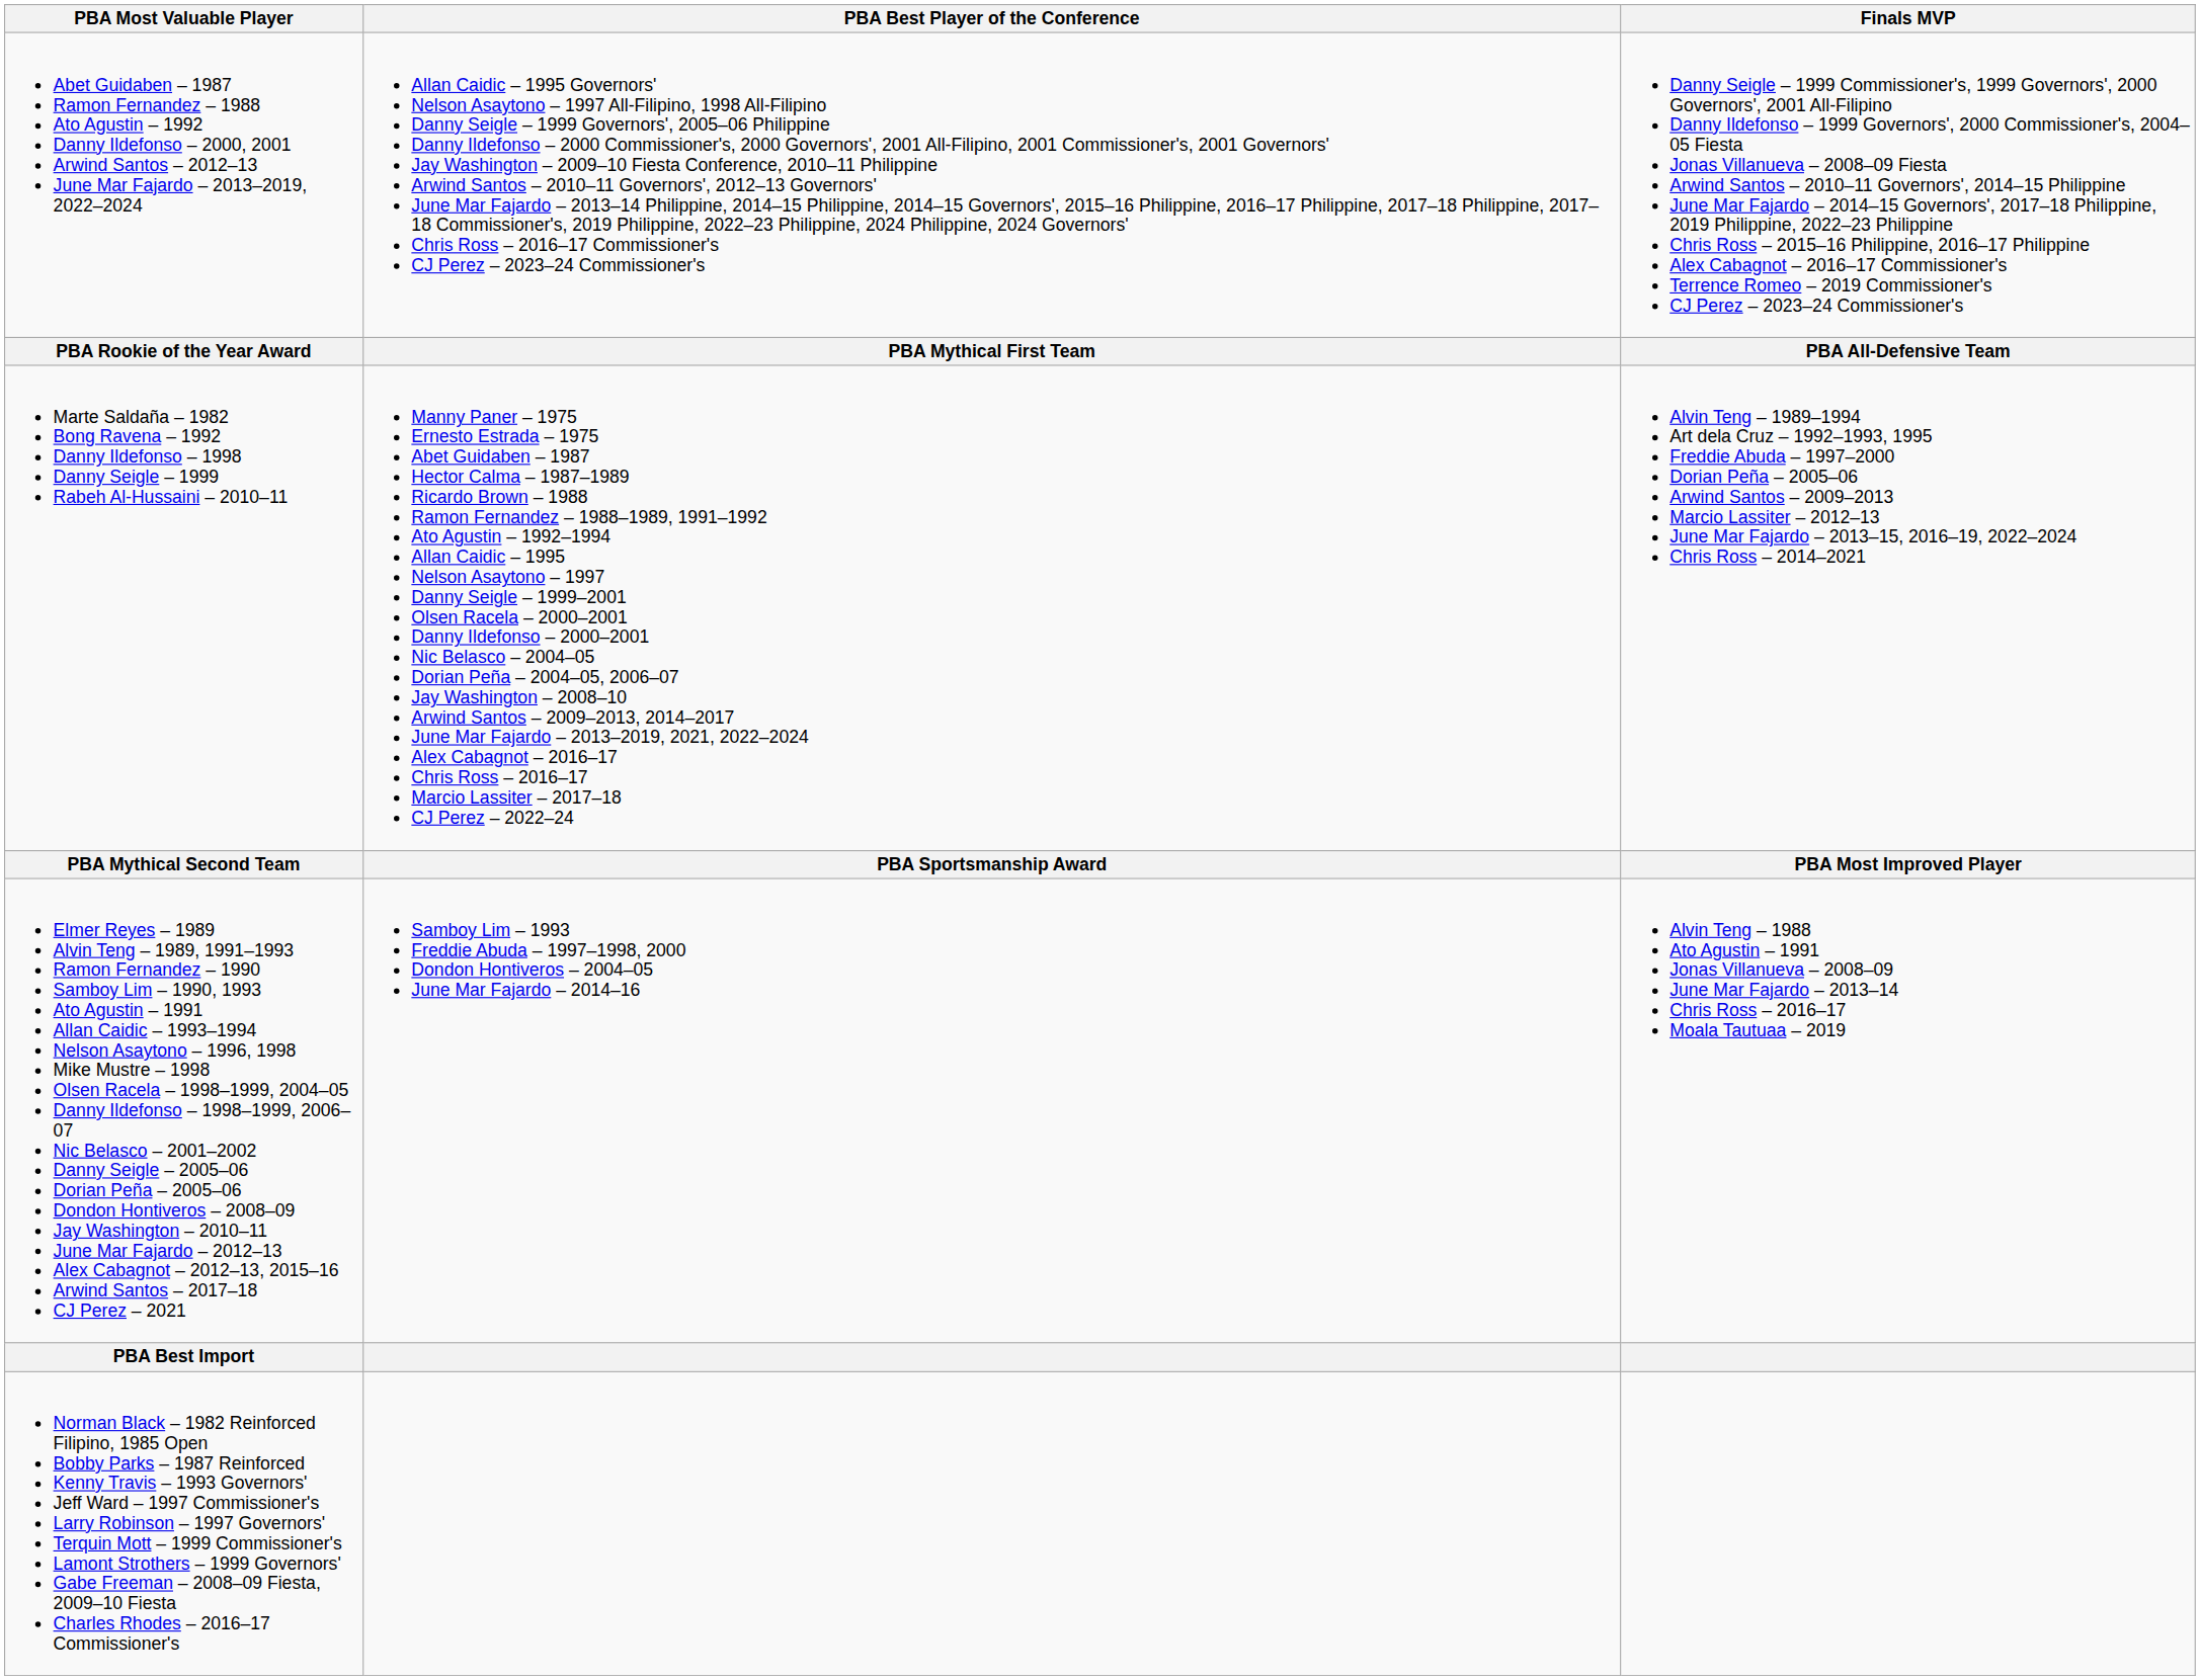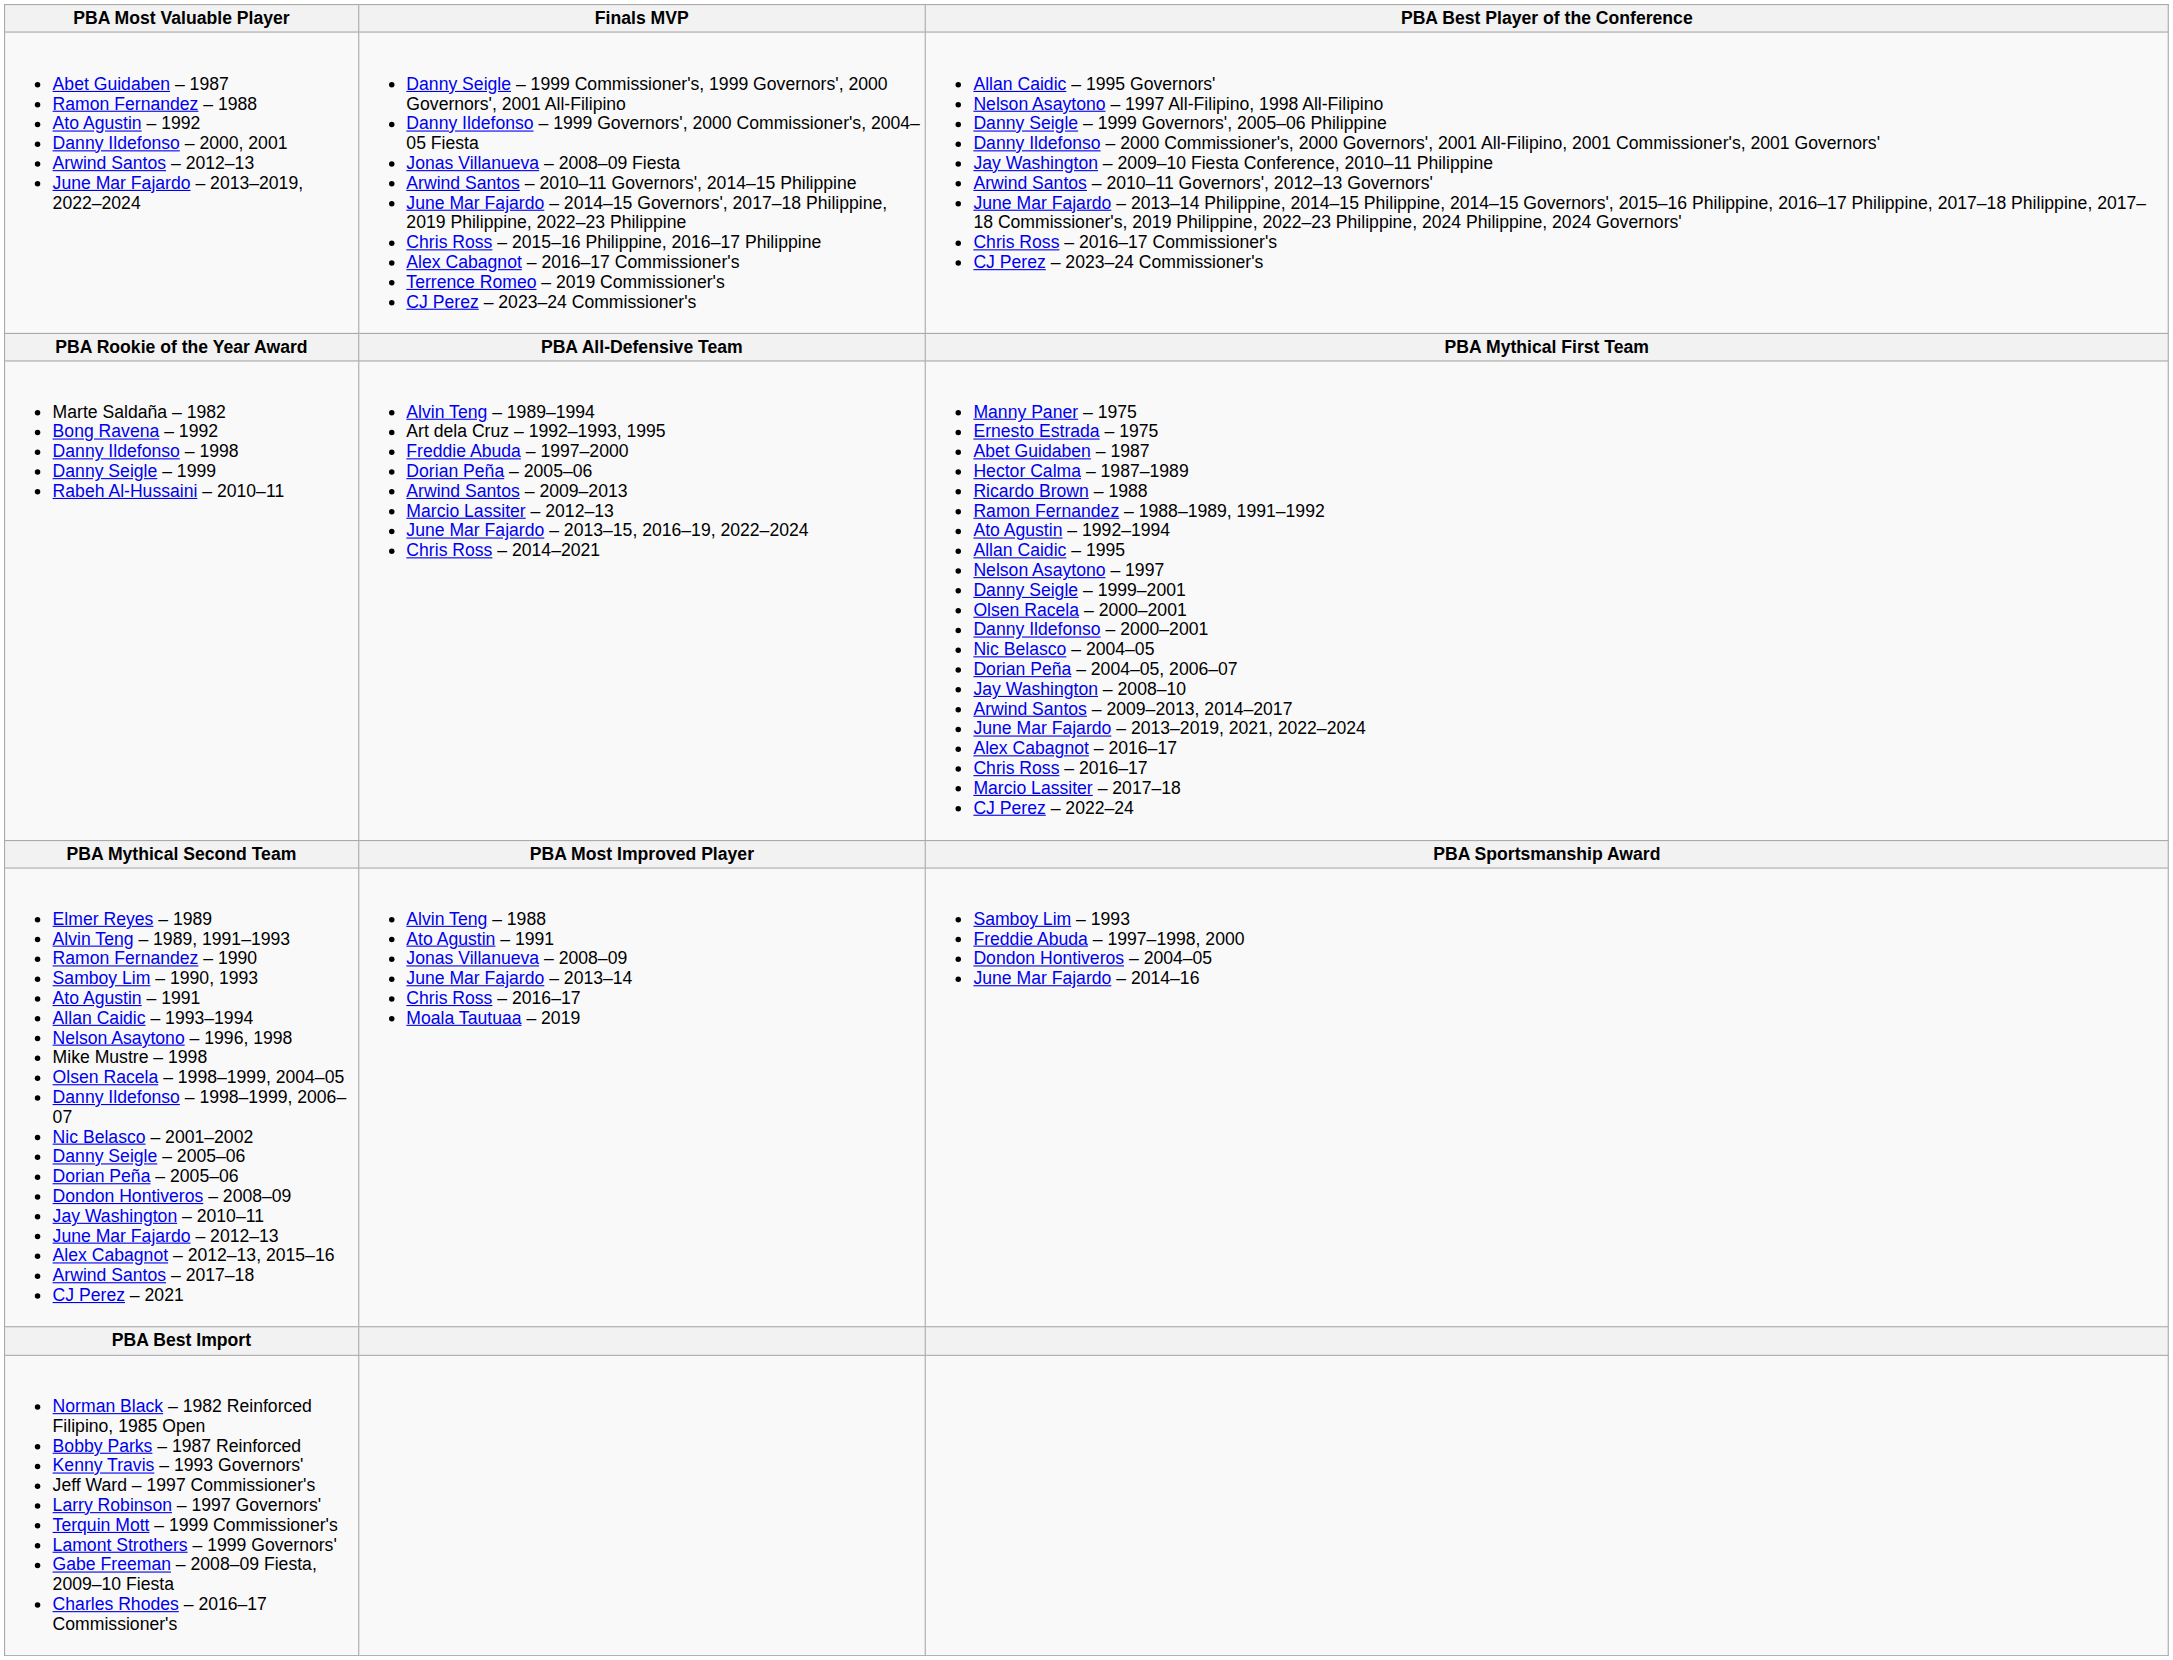 <table class=wikitable>
 <tr>
 <th>PBA Most Valuable Player</th>
+<th>Finals MVP</th>
 <th>PBA Best Player of the Conference</th>
-<th>Finals MVP</th>
 </tr>
 <tr>
 <td valign="top"><br><ul><li><a href='#'>Abet Guidaben</a> – 1987</li><li><a href='#'>Ramon Fernandez</a> – 1988</li><li><a href='#'>Ato Agustin</a> – 1992</li><li><a href='#'>Danny Ildefonso</a> – 2000, 2001</li><li><a href='#'>Arwind Santos</a> – 2012–13</li><li><a href='#'>June Mar Fajardo</a> – 2013–2019, 2022–2024</li></ul></td>
+<td valign="top"><br><ul><li><a href='#'>Danny Seigle</a> – 1999 Commissioner's, 1999 Governors', 2000 Governors', 2001 All-Filipino</li><li><a href='#'>Danny Ildefonso</a> – 1999 Governors', 2000 Commissioner's, 2004–05 Fiesta</li><li><a href='#'>Jonas Villanueva</a> – 2008–09 Fiesta</li><li><a href='#'>Arwind Santos</a> – 2010–11 Governors', 2014–15 Philippine</li><li><a href='#'>June Mar Fajardo</a> – 2014–15 Governors', 2017–18 Philippine, 2019 Philippine, 2022–23 Philippine</li><li><a href='#'>Chris Ross</a> – 2015–16 Philippine, 2016–17 Philippine</li><li><a href='#'>Alex Cabagnot</a> – 2016–17 Commissioner's</li><li><a href='#'>Terrence Romeo</a> – 2019 Commissioner's</li><li><a href='#'>CJ Perez</a> – 2023–24 Commissioner's</li></ul></td>
 <td valign="top"><br><ul><li><a href='#'>Allan Caidic</a> – 1995 Governors'</li><li><a href='#'>Nelson Asaytono</a> – 1997 All-Filipino, 1998 All-Filipino</li><li><a href='#'>Danny Seigle</a> – 1999 Governors', 2005–06 Philippine</li><li><a href='#'>Danny Ildefonso</a> – 2000 Commissioner's, 2000 Governors', 2001 All-Filipino, 2001 Commissioner's, 2001 Governors'</li><li><a href='#'>Jay Washington</a> – 2009–10 Fiesta Conference, 2010–11 Philippine</li><li><a href='#'>Arwind Santos</a> – 2010–11 Governors', 2012–13 Governors'</li><li><a href='#'>June Mar Fajardo</a> –  2013–14 Philippine, 2014–15 Philippine, 2014–15 Governors', 2015–16 Philippine, 2016–17 Philippine, 2017–18 Philippine, 2017–18 Commissioner's, 2019 Philippine, 2022–23 Philippine, 2024 Philippine, 2024 Governors'</li><li><a href='#'>Chris Ross</a> – 2016–17 Commissioner's</li><li><a href='#'>CJ Perez</a> – 2023–24 Commissioner's</li></ul></td>
-<td valign="top"><br><ul><li><a href='#'>Danny Seigle</a> – 1999 Commissioner's, 1999 Governors', 2000 Governors', 2001 All-Filipino</li><li><a href='#'>Danny Ildefonso</a> – 1999 Governors', 2000 Commissioner's, 2004–05 Fiesta</li><li><a href='#'>Jonas Villanueva</a> – 2008–09 Fiesta</li><li><a href='#'>Arwind Santos</a> – 2010–11 Governors', 2014–15 Philippine</li><li><a href='#'>June Mar Fajardo</a> – 2014–15 Governors', 2017–18 Philippine, 2019 Philippine, 2022–23 Philippine</li><li><a href='#'>Chris Ross</a> – 2015–16 Philippine, 2016–17 Philippine</li><li><a href='#'>Alex Cabagnot</a> – 2016–17 Commissioner's</li><li><a href='#'>Terrence Romeo</a> – 2019 Commissioner's</li><li><a href='#'>CJ Perez</a> – 2023–24 Commissioner's</li></ul></td>
 </tr>
 <tr>
 <th>PBA Rookie of the Year Award</th>
+<th>PBA All-Defensive Team</th>
 <th>PBA Mythical First Team</th>
-<th>PBA All-Defensive Team</th>
 </tr>
 <tr>
 <td valign="top"><br><ul><li>Marte Saldaña – 1982</li><li><a href='#'>Bong Ravena</a> – 1992</li><li><a href='#'>Danny Ildefonso</a> – 1998</li><li><a href='#'>Danny Seigle</a> – 1999</li><li><a href='#'>Rabeh Al-Hussaini</a> – 2010–11</li></ul></td>
+<td valign="top"><br><ul><li><a href='#'>Alvin Teng</a> – 1989–1994</li><li>Art dela Cruz – 1992–1993, 1995</li><li><a href='#'>Freddie Abuda</a> – 1997–2000</li><li><a href='#'>Dorian Peña</a> – 2005–06</li><li><a href='#'>Arwind Santos</a> – 2009–2013</li><li><a href='#'>Marcio Lassiter</a> – 2012–13</li><li><a href='#'>June Mar Fajardo</a> – 2013–15, 2016–19, 2022–2024</li><li><a href='#'>Chris Ross</a> – 2014–2021</li></ul></td>
 <td valign="top"><br><ul><li><a href='#'>Manny Paner</a> – 1975</li><li><a href='#'>Ernesto Estrada</a> – 1975</li><li><a href='#'>Abet Guidaben</a> – 1987</li><li><a href='#'>Hector Calma</a> – 1987–1989</li><li><a href='#'>Ricardo Brown</a> – 1988</li><li><a href='#'>Ramon Fernandez</a> – 1988–1989, 1991–1992</li><li><a href='#'>Ato Agustin</a> – 1992–1994</li><li><a href='#'>Allan Caidic</a> – 1995</li><li><a href='#'>Nelson Asaytono</a> – 1997</li><li><a href='#'>Danny Seigle</a> – 1999–2001</li><li><a href='#'>Olsen Racela</a> – 2000–2001</li><li><a href='#'>Danny Ildefonso</a> – 2000–2001</li><li><a href='#'>Nic Belasco</a> – 2004–05</li><li><a href='#'>Dorian Peña</a> – 2004–05, 2006–07</li><li><a href='#'>Jay Washington</a> – 2008–10</li><li><a href='#'>Arwind Santos</a> – 2009–2013, 2014–2017</li><li><a href='#'>June Mar Fajardo</a> – 2013–2019, 2021, 2022–2024</li><li><a href='#'>Alex Cabagnot</a> – 2016–17</li><li><a href='#'>Chris Ross</a> – 2016–17</li><li><a href='#'>Marcio Lassiter</a> – 2017–18</li><li><a href='#'>CJ Perez</a> – 2022–24</li></ul></td>
-<td valign="top"><br><ul><li><a href='#'>Alvin Teng</a> – 1989–1994</li><li>Art dela Cruz – 1992–1993, 1995</li><li><a href='#'>Freddie Abuda</a> – 1997–2000</li><li><a href='#'>Dorian Peña</a> – 2005–06</li><li><a href='#'>Arwind Santos</a> – 2009–2013</li><li><a href='#'>Marcio Lassiter</a> – 2012–13</li><li><a href='#'>June Mar Fajardo</a> – 2013–15, 2016–19, 2022–2024</li><li><a href='#'>Chris Ross</a> – 2014–2021</li></ul></td>
 </tr>
 <tr>
 <th>PBA Mythical Second Team</th>
+<th>PBA Most Improved Player</th>
 <th>PBA Sportsmanship Award</th>
-<th>PBA Most Improved Player</th>
 </tr>
 <tr>
 <td valign="top"><br><ul><li><a href='#'>Elmer Reyes</a> – 1989</li><li><a href='#'>Alvin Teng</a> – 1989, 1991–1993</li><li><a href='#'>Ramon Fernandez</a> – 1990</li><li><a href='#'>Samboy Lim</a> – 1990, 1993</li><li><a href='#'>Ato Agustin</a> – 1991</li><li><a href='#'>Allan Caidic</a> – 1993–1994</li><li><a href='#'>Nelson Asaytono</a> – 1996, 1998</li><li>Mike Mustre – 1998</li><li><a href='#'>Olsen Racela</a> – 1998–1999, 2004–05</li><li><a href='#'>Danny Ildefonso</a> – 1998–1999, 2006–07</li><li><a href='#'>Nic Belasco</a> – 2001–2002</li><li><a href='#'>Danny Seigle</a> – 2005–06</li><li><a href='#'>Dorian Peña</a> – 2005–06</li><li><a href='#'>Dondon Hontiveros</a> – 2008–09</li><li><a href='#'>Jay Washington</a> – 2010–11</li><li><a href='#'>June Mar Fajardo</a> – 2012–13</li><li><a href='#'>Alex Cabagnot</a> – 2012–13, 2015–16</li><li><a href='#'>Arwind Santos</a> – 2017–18</li><li><a href='#'>CJ Perez</a> – 2021</li></ul></td>
+<td valign="top"><br><ul><li><a href='#'>Alvin Teng</a> – 1988</li><li><a href='#'>Ato Agustin</a> – 1991</li><li><a href='#'>Jonas Villanueva</a> – 2008–09</li><li><a href='#'>June Mar Fajardo</a> – 2013–14</li><li><a href='#'>Chris Ross</a> – 2016–17</li><li><a href='#'>Moala Tautuaa</a> – 2019</li></ul></td>
 <td valign="top"><br><ul><li><a href='#'>Samboy Lim</a> – 1993</li><li><a href='#'>Freddie Abuda</a> – 1997–1998, 2000</li><li><a href='#'>Dondon Hontiveros</a> – 2004–05</li><li><a href='#'>June Mar Fajardo</a> – 2014–16</li></ul></td>
-<td valign="top"><br><ul><li><a href='#'>Alvin Teng</a> – 1988</li><li><a href='#'>Ato Agustin</a> – 1991</li><li><a href='#'>Jonas Villanueva</a> – 2008–09</li><li><a href='#'>June Mar Fajardo</a> – 2013–14</li><li><a href='#'>Chris Ross</a> – 2016–17</li><li><a href='#'>Moala Tautuaa</a> – 2019</li></ul></td>
 </tr>
 <tr>
 <th>PBA Best Import</th>
 <th></th>
 <th></th>
 </tr>
 <tr>
 <td valign="top"><br><ul><li><a href='#'>Norman Black</a> – 1982 Reinforced Filipino, 1985 Open</li><li><a href='#'>Bobby Parks</a> – 1987 Reinforced</li><li><a href='#'>Kenny Travis</a> – 1993 Governors'</li><li>Jeff Ward – 1997 Commissioner's</li><li><a href='#'>Larry Robinson</a> – 1997 Governors'</li><li><a href='#'>Terquin Mott</a> – 1999 Commissioner's</li><li><a href='#'>Lamont Strothers</a> – 1999 Governors'</li><li><a href='#'>Gabe Freeman</a> – 2008–09 Fiesta, 2009–10 Fiesta</li><li><a href='#'>Charles Rhodes</a> – 2016–17 Commissioner's</li></ul></td>
 <td valign="top"></td>
 <td valign="top"></td>
 </tr>
 </table>
